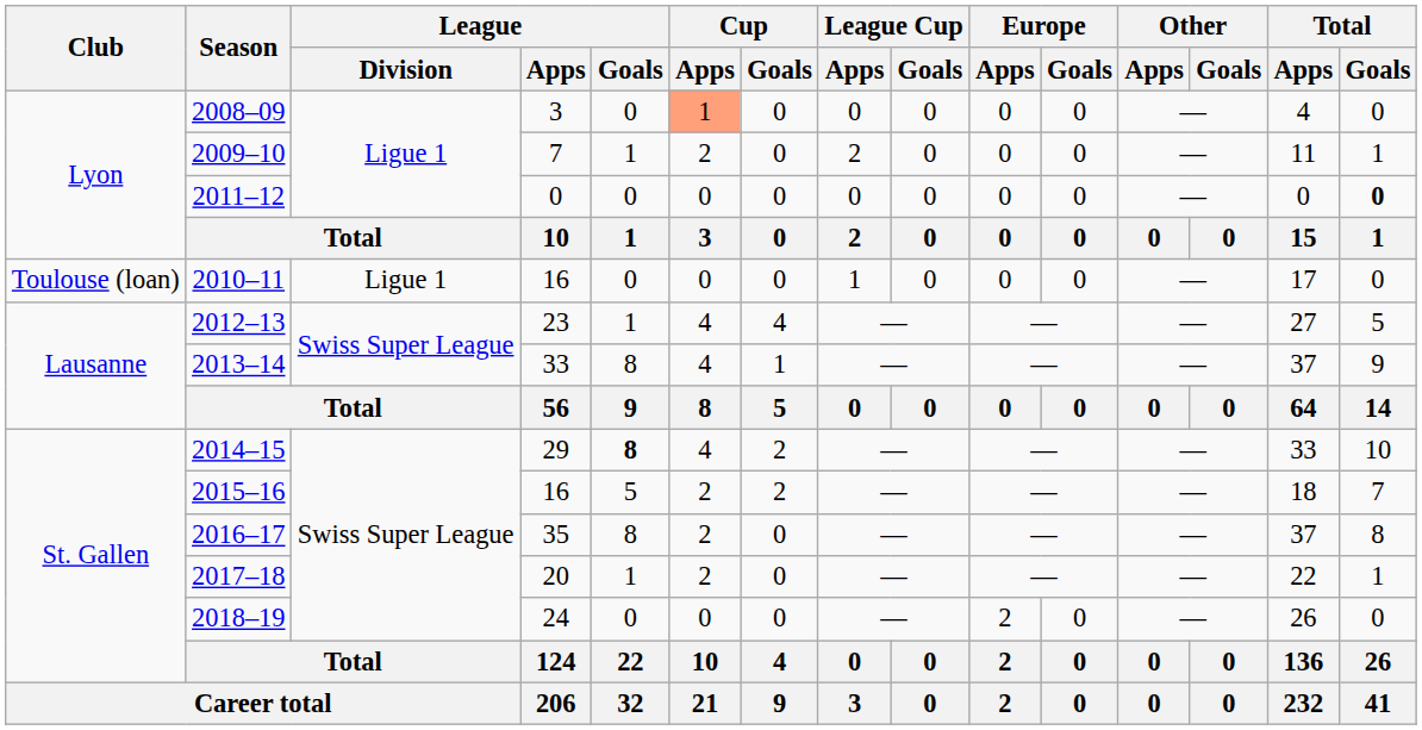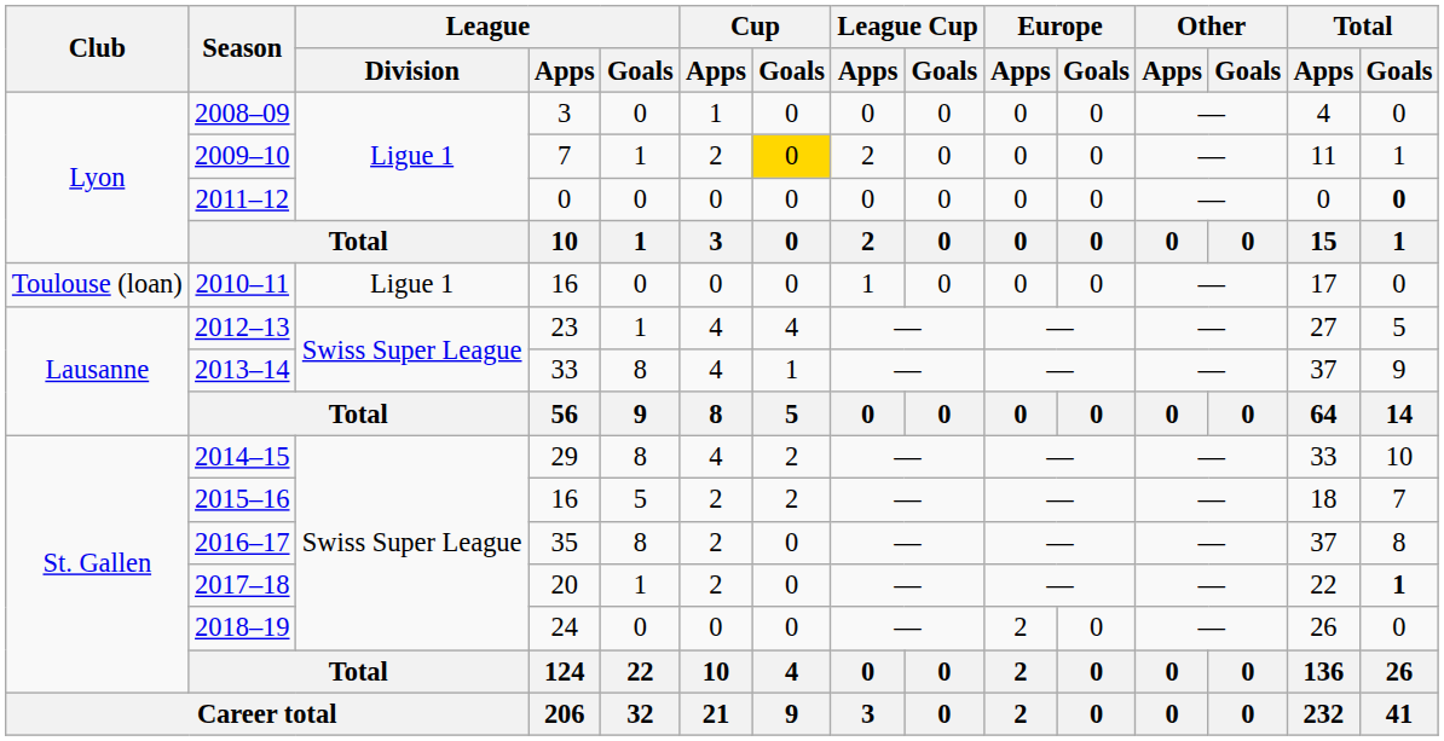 <table class="wikitable" style="text-align: center">
 <tr>
 <th rowspan="2">Club</th>
 <th rowspan="2">Season</th>
 <th colspan="3">League</th>
 <th colspan="2">Cup</th>
 <th colspan="2">League Cup</th>
 <th colspan="2">Europe</th>
 <th colspan="2">Other</th>
 <th colspan="2">Total</th>
 </tr>
 <tr>
 <th>Division</th>
 <th>Apps</th>
 <th>Goals</th>
 <th>Apps</th>
 <th>Goals</th>
 <th>Apps</th>
 <th>Goals</th>
 <th>Apps</th>
 <th>Goals</th>
 <th>Apps</th>
 <th>Goals</th>
 <th>Apps</th>
 <th>Goals</th>
 </tr>
 <tr>
 <td rowspan="4"><a href='#'>Lyon</a></td>
 <td><a href='#'>2008–09</a></td>
 <td rowspan="3"><a href='#'>Ligue 1</a></td>
 <td>3</td>
 <td>0</td>
-<td style="background: lightsalmon;">1</td>
+<td>1</td>
 <td>0</td>
 <td>0</td>
 <td>0</td>
 <td>0</td>
 <td>0</td>
 <td colspan="2">—</td>
 <td>4</td>
 <td>0</td>
 </tr>
 <tr>
 <td><a href='#'>2009–10</a></td>
 <td>7</td>
 <td>1</td>
 <td>2</td>
-<td>0</td>
+<td style="background: gold;">0</td>
 <td>2</td>
 <td>0</td>
 <td>0</td>
 <td>0</td>
 <td colspan="2">—</td>
 <td>11</td>
 <td>1</td>
 </tr>
 <tr>
 <td><a href='#'>2011–12</a></td>
 <td>0</td>
 <td>0</td>
 <td>0</td>
 <td>0</td>
 <td>0</td>
 <td>0</td>
 <td>0</td>
 <td>0</td>
 <td colspan="2">—</td>
 <td>0</td>
 <td><strong>0</strong></td>
 </tr>
 <tr>
 <th colspan="2">Total</th>
 <th>10</th>
 <th>1</th>
 <th>3</th>
 <th>0</th>
 <th>2</th>
 <th>0</th>
 <th>0</th>
 <th>0</th>
 <th>0</th>
 <th>0</th>
 <th>15</th>
 <th>1</th>
 </tr>
 <tr>
 <td><a href='#'>Toulouse</a> (loan)</td>
 <td><a href='#'>2010–11</a></td>
 <td>Ligue 1</td>
 <td>16</td>
 <td>0</td>
 <td>0</td>
 <td>0</td>
 <td>1</td>
 <td>0</td>
 <td>0</td>
 <td>0</td>
 <td colspan="2">—</td>
 <td>17</td>
 <td>0</td>
 </tr>
 <tr>
 <td rowspan="3"><a href='#'>Lausanne</a></td>
 <td><a href='#'>2012–13</a></td>
 <td rowspan="2"><a href='#'>Swiss Super League</a></td>
 <td>23</td>
 <td>1</td>
 <td>4</td>
 <td>4</td>
 <td colspan="2">—</td>
 <td colspan="2">—</td>
 <td colspan="2">—</td>
 <td>27</td>
 <td>5</td>
 </tr>
 <tr>
 <td><a href='#'>2013–14</a></td>
 <td>33</td>
 <td>8</td>
 <td>4</td>
 <td>1</td>
 <td colspan="2">—</td>
 <td colspan="2">—</td>
 <td colspan="2">—</td>
 <td>37</td>
 <td>9</td>
 </tr>
 <tr>
 <th colspan="2">Total</th>
 <th>56</th>
 <th>9</th>
 <th>8</th>
 <th>5</th>
 <th>0</th>
 <th>0</th>
 <th>0</th>
 <th>0</th>
 <th>0</th>
 <th>0</th>
 <th>64</th>
 <th>14</th>
 </tr>
 <tr>
 <td rowspan="6"><a href='#'>St. Gallen</a></td>
 <td><a href='#'>2014–15</a></td>
 <td rowspan="5">Swiss Super League</td>
 <td>29</td>
-<td><strong>8</strong></td>
+<td>8</td>
 <td>4</td>
 <td>2</td>
 <td colspan="2">—</td>
 <td colspan="2">—</td>
 <td colspan="2">—</td>
 <td>33</td>
 <td>10</td>
 </tr>
 <tr>
 <td><a href='#'>2015–16</a></td>
 <td>16</td>
 <td>5</td>
 <td>2</td>
 <td>2</td>
 <td colspan="2">—</td>
 <td colspan="2">—</td>
 <td colspan="2">—</td>
 <td>18</td>
 <td>7</td>
 </tr>
 <tr>
 <td><a href='#'>2016–17</a></td>
 <td>35</td>
 <td>8</td>
 <td>2</td>
 <td>0</td>
 <td colspan="2">—</td>
 <td colspan="2">—</td>
 <td colspan="2">—</td>
 <td>37</td>
 <td>8</td>
 </tr>
 <tr>
 <td><a href='#'>2017–18</a></td>
 <td>20</td>
 <td>1</td>
 <td>2</td>
 <td>0</td>
 <td colspan="2">—</td>
 <td colspan="2">—</td>
 <td colspan="2">—</td>
 <td>22</td>
-<td>1</td>
+<td><strong>1</strong></td>
 </tr>
 <tr>
 <td><a href='#'>2018–19</a></td>
 <td>24</td>
 <td>0</td>
 <td>0</td>
 <td>0</td>
 <td colspan="2">—</td>
 <td>2</td>
 <td>0</td>
 <td colspan="2">—</td>
 <td>26</td>
 <td>0</td>
 </tr>
 <tr>
 <th colspan="2">Total</th>
 <th>124</th>
 <th>22</th>
 <th>10</th>
 <th>4</th>
 <th>0</th>
 <th>0</th>
 <th>2</th>
 <th>0</th>
 <th>0</th>
 <th>0</th>
 <th>136</th>
 <th>26</th>
 </tr>
 <tr>
 <th colspan="3">Career total</th>
 <th>206</th>
 <th>32</th>
 <th>21</th>
 <th>9</th>
 <th>3</th>
 <th>0</th>
 <th>2</th>
 <th>0</th>
 <th>0</th>
 <th>0</th>
 <th>232</th>
 <th>41</th>
 </tr>
 </table>
